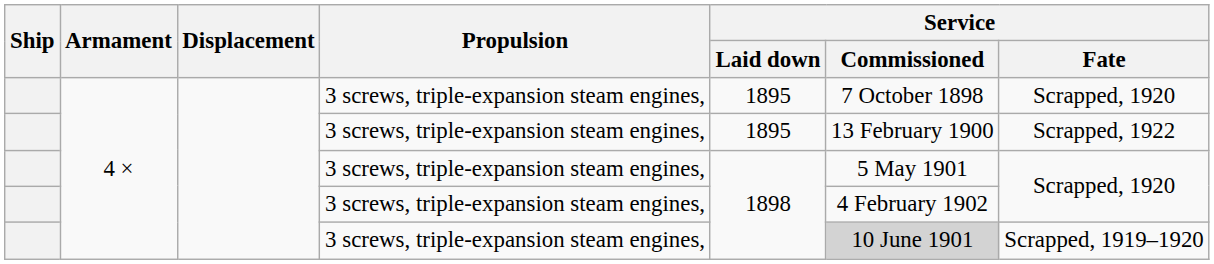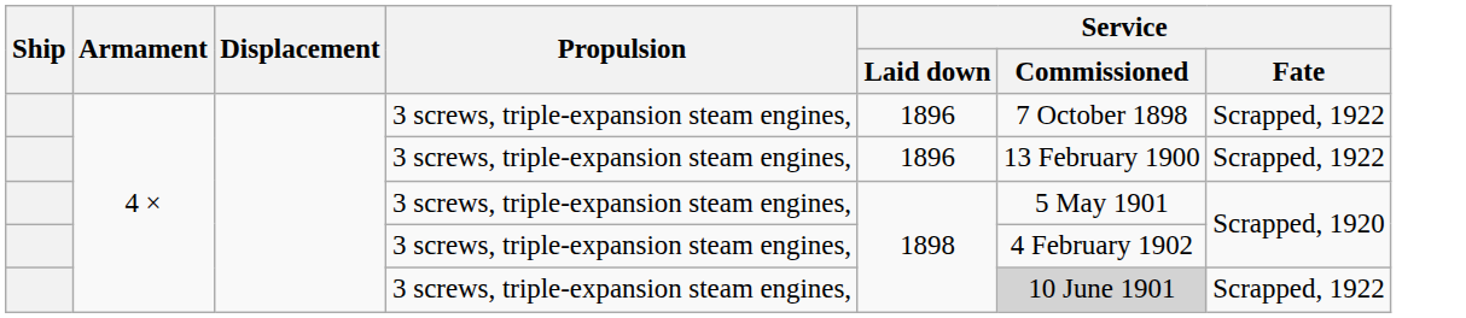 <table class="wikitable plainrowheaders" style="text-align: center;">
 <tr valign="center">
 <th scope="col" rowspan="2">Ship</th>
 <th scope="col" rowspan="2">Armament</th>
 <th scope="col" rowspan="2">Displacement</th>
 <th scope="col" rowspan="2">Propulsion</th>
 <th scope="col" colspan="3">Service</th>
 </tr>
 <tr valign="center">
 <th scope="col">Laid down</th>
 <th scope="col">Commissioned</th>
 <th scope="col">Fate</th>
 </tr>
 <tr valign="center">
 <th scope="row"></th>
 <td rowspan="5">4 × </td>
 <td rowspan="5"></td>
 <td>3 screws, triple-expansion steam engines, </td>
-<td>1895</td>
+<td>1896</td>
 <td>7 October 1898</td>
-<td>Scrapped, 1920</td>
+<td>Scrapped, 1922</td>
 </tr>
 <tr valign="center">
 <th scope="row"></th>
 <td>3 screws, triple-expansion steam engines, </td>
-<td>1895</td>
+<td>1896</td>
 <td>13 February 1900</td>
 <td>Scrapped, 1922</td>
 </tr>
 <tr valign="center">
 <th scope="row"></th>
 <td>3 screws, triple-expansion steam engines, </td>
 <td rowspan="3">1898</td>
 <td>5 May 1901</td>
 <td rowspan="2">Scrapped, 1920</td>
 </tr>
 <tr valign="center">
 <th scope="row"></th>
 <td>3 screws, triple-expansion steam engines, </td>
 <td>4 February 1902</td>
 </tr>
 <tr valign="center">
 <th scope="row"></th>
 <td>3 screws, triple-expansion steam engines, </td>
 <td style="background: lightgrey;">10 June 1901</td>
-<td>Scrapped, 1919–1920</td>
+<td>Scrapped, 1922</td>
 </tr>
 </table>
